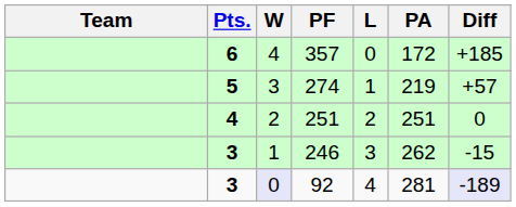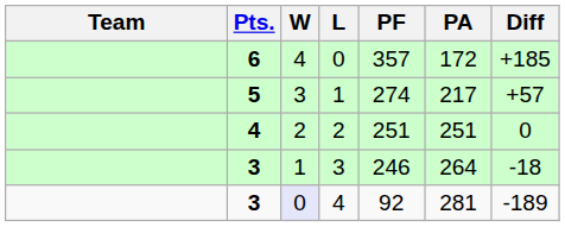 <table class=wikitable>
 <tr align=center>
 <th width=150px>Team</th>
 <th width=30px><a href='#'>Pts.</a></th>
 <th width=20px>W</th>
+<th width=20px>L</th>
 <th width=40px>PF</th>
-<th width=20px>L</th>
 <th width=40px>PA</th>
 <th width=40px>Diff</th>
 </tr>
 <tr align=center bgcolor="#ccffcc">
 <td align=left></td>
 <td><strong>6</strong></td>
 <td>4</td>
+<td>0</td>
 <td>357</td>
-<td>0</td>
 <td>172</td>
 <td>+185</td>
 </tr>
 <tr align=center bgcolor="#ccffcc">
 <td align=left></td>
 <td><strong>5</strong></td>
 <td>3</td>
+<td>1</td>
 <td>274</td>
-<td>1</td>
-<td>219</td>
+<td>217</td>
 <td>+57</td>
 </tr>
 <tr align=center bgcolor="#ccffcc">
 <td align=left></td>
 <td><strong>4</strong></td>
 <td>2</td>
+<td>2</td>
 <td>251</td>
-<td>2</td>
 <td>251</td>
 <td>0</td>
 </tr>
 <tr align=center bgcolor="#ccffcc">
 <td align=left></td>
 <td><strong>3</strong></td>
 <td>1</td>
+<td>3</td>
 <td>246</td>
-<td>3</td>
-<td>262</td>
-<td>-15</td>
+<td>264</td>
+<td>-18</td>
 </tr>
 <tr align=center>
 <td align=left></td>
 <td><strong>3</strong></td>
 <td style="background: lavender;">0</td>
+<td>4</td>
 <td>92</td>
-<td>4</td>
 <td>281</td>
-<td style="background: lavender;">-189</td>
+<td>-189</td>
 </tr>
 </table>
